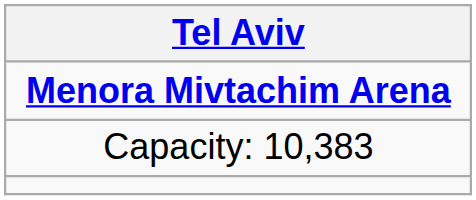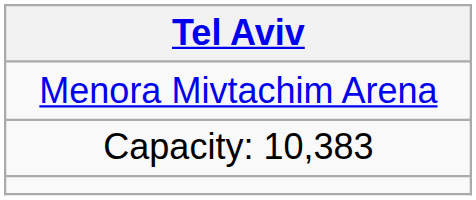 <table class="wikitable" style="text-align:center">
 <tr>
 <th width=200px><a href='#'>Tel Aviv</a></th>
 </tr>
 <tr>
-<td><strong><a href='#'>Menora Mivtachim Arena</a></strong></td>
+<td><a href='#'>Menora Mivtachim Arena</a></td>
 </tr>
 <tr>
 <td>Capacity: 10,383</td>
 </tr>
 <tr>
 <td></td>
 </tr>
 </table>
